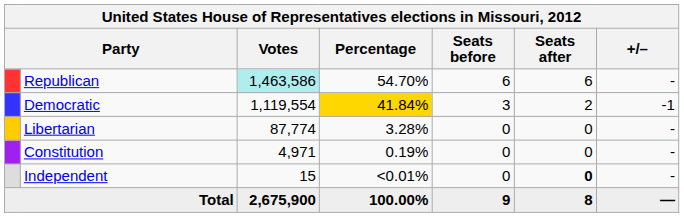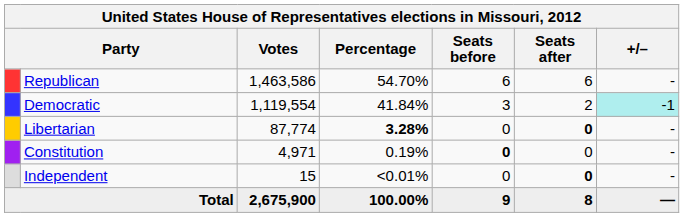 <table class="wikitable" style="font-size: 95%;">
 <tr>
 <th colspan="7">United States House of Representatives elections in Missouri, 2012</th>
 </tr>
 <tr>
 <th colspan="2" style="width: 15em">Party</th>
 <th style="width: 5em">Votes</th>
 <th style="width: 7em">Percentage</th>
 <th style="width: 5em">Seats before</th>
 <th style="width: 5em">Seats after</th>
 <th style="width: 5em">+/–</th>
 </tr>
 <tr>
 <th style="background-color:#FF3333; width: 3px"></th>
 <td style="width: 130px"><a href='#'>Republican</a></td>
-<td align="right" style="background: paleturquoise;">1,463,586</td>
+<td align="right">1,463,586</td>
 <td align="right">54.70%</td>
 <td align="right">6</td>
 <td align="right">6</td>
 <td align="right">-</td>
 </tr>
 <tr>
 <th style="background-color:#3333FF; width: 3px"></th>
 <td style="width: 130px"><a href='#'>Democratic</a></td>
 <td align="right">1,119,554</td>
-<td align="right" style="background: gold;">41.84%</td>
+<td align="right">41.84%</td>
 <td align="right">3</td>
 <td align="right">2</td>
-<td align="right">-1</td>
+<td align="right" style="background: paleturquoise;">-1</td>
 </tr>
 <tr>
 <th style="background-color:#FFCC00; width: 3px"></th>
 <td style="width: 130px"><a href='#'>Libertarian</a></td>
 <td align="right">87,774</td>
-<td align="right">3.28%</td>
+<td align="right"><strong>3.28%</strong></td>
 <td align="right">0</td>
-<td align="right">0</td>
+<td align="right"><strong>0</strong></td>
 <td align="right">-</td>
 </tr>
 <tr>
 <th style="background-color:#A020F0; width: 3px"></th>
 <td style="width: 130px"><a href='#'>Constitution</a></td>
 <td align="right">4,971</td>
 <td align="right">0.19%</td>
-<td align="right">0</td>
+<td align="right"><strong>0</strong></td>
 <td align="right">0</td>
 <td align="right">-</td>
 </tr>
 <tr>
 <th style="background-color:#DDDDDD; width: 3px"></th>
 <td style="width: 130px"><a href='#'>Independent</a></td>
 <td align="right">15</td>
 <td align="right"><0.01%</td>
 <td align="right">0</td>
 <td align="right"><strong>0</strong></td>
 <td align="right">-</td>
 </tr>
 <tr bgcolor="#EEEEEE">
 <td colspan="2" align="right"><strong>Total</strong></td>
 <td align="right"><strong>2,675,900</strong></td>
 <td align="right"><strong>100.00%</strong></td>
 <td align="right"><strong>9</strong></td>
 <td align="right"><strong>8</strong></td>
 <td align="right"><strong>—</strong></td>
 </tr>
 </table>
